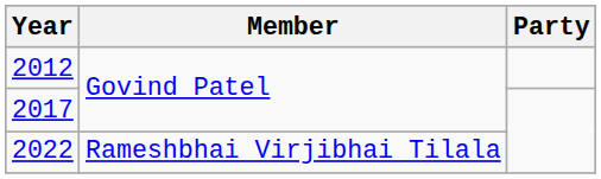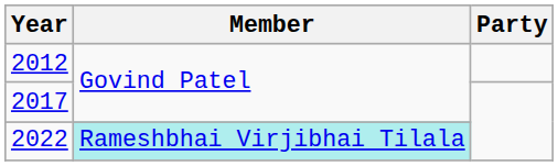 <table class="wikitable sortable">
 <tr>
 <th>Year</th>
 <th>Member</th>
 <th colspan="2">Party</th>
 </tr>
 <tr>
 <td><a href='#'>2012</a></td>
 <td rowspan="2"><a href='#'>Govind Patel</a></td>
 <td></td>
 </tr>
 <tr>
 <td><a href='#'>2017</a></td>
 </tr>
 <tr>
 <td><a href='#'>2022</a></td>
-<td><a href='#'>Rameshbhai Virjibhai Tilala</a></td>
+<td style="background: paleturquoise;"><a href='#'>Rameshbhai Virjibhai Tilala</a></td>
 </tr>
 </table>
